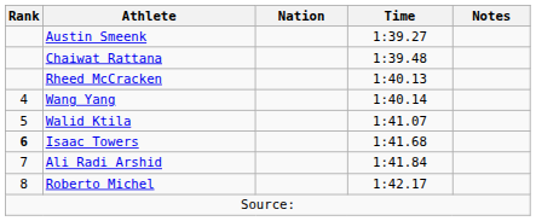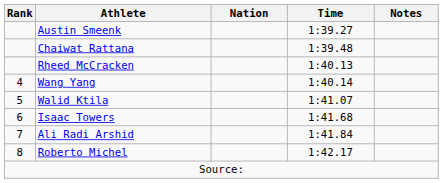 <table class="wikitable sortable" style="text-align:center;width: 60%;">
 <tr>
 <th scope="col" style="width: 10px;">Rank</th>
 <th scope="col">Athlete</th>
 <th scope="col">Nation</th>
 <th scope="col">Time</th>
 <th scope="col">Notes</th>
 </tr>
 <tr>
 <td></td>
 <td align=left><a href='#'>Austin Smeenk</a></td>
 <td align=left></td>
 <td>1:39.27</td>
 <td></td>
 </tr>
 <tr>
 <td></td>
 <td align=left><a href='#'>Chaiwat Rattana</a></td>
 <td align=left></td>
 <td>1:39.48</td>
 <td></td>
 </tr>
 <tr>
 <td></td>
 <td align=left><a href='#'>Rheed McCracken</a></td>
 <td align=left></td>
 <td>1:40.13</td>
 <td></td>
 </tr>
 <tr>
 <td>4</td>
 <td align=left><a href='#'>Wang Yang</a></td>
 <td align=left></td>
 <td>1:40.14</td>
 <td></td>
 </tr>
 <tr>
 <td>5</td>
 <td align=left><a href='#'>Walid Ktila</a></td>
 <td align=left></td>
 <td>1:41.07</td>
 <td></td>
 </tr>
 <tr>
-<td><strong>6</strong></td>
+<td>6</td>
 <td align=left><a href='#'>Isaac Towers</a></td>
 <td align=left></td>
 <td>1:41.68</td>
 <td></td>
 </tr>
 <tr>
 <td>7</td>
 <td align=left><a href='#'>Ali Radi Arshid</a></td>
 <td align=left></td>
 <td>1:41.84</td>
 <td></td>
 </tr>
 <tr>
 <td>8</td>
 <td align=left><a href='#'>Roberto Michel</a></td>
 <td align=left></td>
 <td>1:42.17</td>
 <td></td>
 </tr>
 <tr class="sortbottom">
 <td colspan="5">Source:</td>
 </tr>
 </table>
